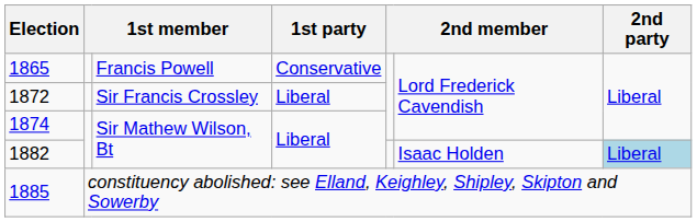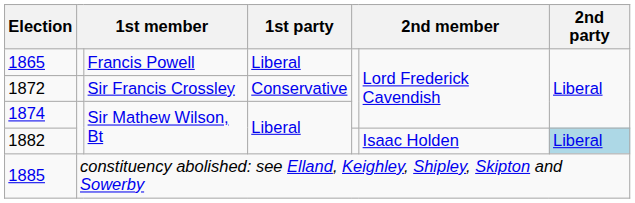 <table class="wikitable">
 <tr>
 <th>Election</th>
 <th colspan="2">1st member</th>
 <th>1st party</th>
 <th colspan="2">2nd member</th>
 <th>2nd party</th>
 </tr>
 <tr>
 <td><a href='#'>1865</a></td>
 <td style="color:inherit;background-color: "></td>
 <td><a href='#'>Francis Powell</a></td>
-<td><a href='#'>Conservative</a></td>
+<td><a href='#'>Liberal</a></td>
 <td rowspan="3" style="color:inherit;background-color: "></td>
 <td rowspan="3"><a href='#'>Lord Frederick Cavendish</a></td>
 <td rowspan="3"><a href='#'>Liberal</a></td>
 </tr>
 <tr>
 <td>1872</td>
 <td style="color:inherit;background-color: "></td>
 <td><a href='#'>Sir Francis Crossley</a></td>
-<td><a href='#'>Liberal</a></td>
+<td><a href='#'>Conservative</a></td>
 </tr>
 <tr>
 <td><a href='#'>1874</a></td>
 <td rowspan="2" style="color:inherit;background-color: "></td>
 <td rowspan="2"><a href='#'>Sir Mathew Wilson, Bt</a></td>
 <td rowspan="2"><a href='#'>Liberal</a></td>
 </tr>
 <tr>
 <td>1882</td>
 <td style="color:inherit;background-color: "></td>
 <td><a href='#'>Isaac Holden</a></td>
 <td style="background: lightblue;"><a href='#'>Liberal</a></td>
 </tr>
 <tr>
 <td><a href='#'>1885</a></td>
 <td colspan="6"><em>constituency abolished: see <a href='#'>Elland</a>, <a href='#'>Keighley</a>, <a href='#'>Shipley</a>, <a href='#'>Skipton</a> and <a href='#'>Sowerby</a></em></td>
 </tr>
 </table>
